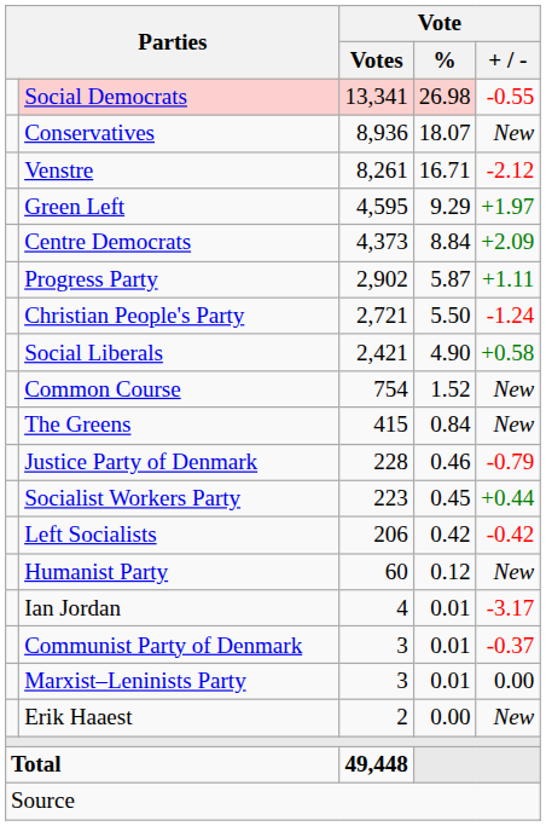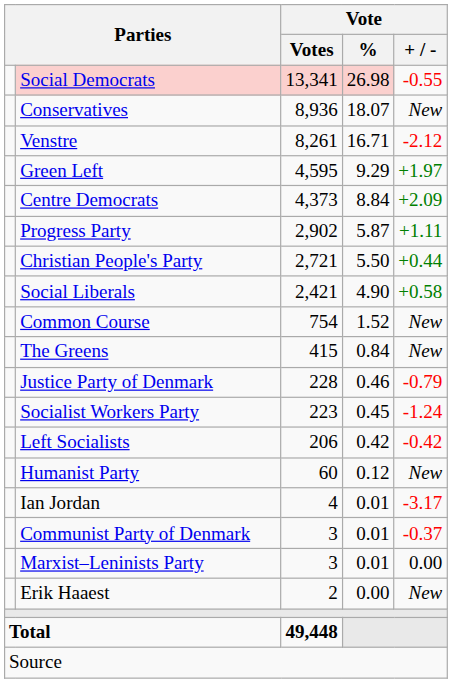 <table class="wikitable" style="text-align:right;">
 <tr>
 <th style="text-align:centre;" rowspan="2" colspan="2" width="225">Parties</th>
 <th colspan="3">Vote</th>
 </tr>
 <tr>
 <th width="15">Votes</th>
 <th width="15">%</th>
 <th width="15">+ / -</th>
 </tr>
 <tr>
 <td width="2" style="color:inherit;background:"></td>
 <td bgcolor=#fbd0ce  align="left"><a href='#'>Social Democrats</a></td>
 <td bgcolor=#fbd0ce>13,341</td>
 <td bgcolor=#fbd0ce>26.98</td>
 <td style=color:red;>-0.55</td>
 </tr>
 <tr>
 <td width="2" style="color:inherit;background:"></td>
 <td align="left"><a href='#'>Conservatives</a></td>
 <td>8,936</td>
 <td>18.07</td>
 <td><em>New</em></td>
 </tr>
 <tr>
 <td width="2" style="color:inherit;background:"></td>
 <td align="left"><a href='#'>Venstre</a></td>
 <td>8,261</td>
 <td>16.71</td>
 <td style=color:red;>-2.12</td>
 </tr>
 <tr>
 <td width="2" style="color:inherit;background:"></td>
 <td align="left"><a href='#'>Green Left</a></td>
 <td>4,595</td>
 <td>9.29</td>
 <td style=color:green;>+1.97</td>
 </tr>
 <tr>
 <td width="2" style="color:inherit;background:"></td>
 <td align="left"><a href='#'>Centre Democrats</a></td>
 <td>4,373</td>
 <td>8.84</td>
 <td style=color:green;>+2.09</td>
 </tr>
 <tr>
 <td width="2" style="color:inherit;background:"></td>
 <td align="left"><a href='#'>Progress Party</a></td>
 <td>2,902</td>
 <td>5.87</td>
 <td style=color:green;>+1.11</td>
 </tr>
 <tr>
 <td width="2" style="color:inherit;background:"></td>
 <td align="left"><a href='#'>Christian People's Party</a></td>
 <td>2,721</td>
 <td>5.50</td>
-<td style=color:red;>-1.24</td>
+<td style=color:green;>+0.44</td>
 </tr>
 <tr>
 <td width="2" style="color:inherit;background:"></td>
 <td align="left"><a href='#'>Social Liberals</a></td>
 <td>2,421</td>
 <td>4.90</td>
 <td style=color:green;>+0.58</td>
 </tr>
 <tr>
 <td width="2" style="color:inherit;background:"></td>
 <td align="left"><a href='#'>Common Course</a></td>
 <td>754</td>
 <td>1.52</td>
 <td><em>New</em></td>
 </tr>
 <tr>
 <td width="2" style="color:inherit;background:"></td>
 <td align="left"><a href='#'>The Greens</a></td>
 <td>415</td>
 <td>0.84</td>
 <td><em>New</em></td>
 </tr>
 <tr>
 <td width="2" style="color:inherit;background:"></td>
 <td align="left"><a href='#'>Justice Party of Denmark</a></td>
 <td>228</td>
 <td>0.46</td>
 <td style=color:red;>-0.79</td>
 </tr>
 <tr>
 <td width="2" style="color:inherit;background:"></td>
 <td align="left"><a href='#'>Socialist Workers Party</a></td>
 <td>223</td>
 <td>0.45</td>
-<td style=color:green;>+0.44</td>
+<td style=color:red;>-1.24</td>
 </tr>
 <tr>
 <td width="2" style="color:inherit;background:"></td>
 <td align="left"><a href='#'>Left Socialists</a></td>
 <td>206</td>
 <td>0.42</td>
 <td style=color:red;>-0.42</td>
 </tr>
 <tr>
 <td width="2" style="color:inherit;background:"></td>
 <td align="left"><a href='#'>Humanist Party</a></td>
 <td>60</td>
 <td>0.12</td>
 <td><em>New</em></td>
 </tr>
 <tr>
 <td width="2" style="color:inherit;background:"></td>
 <td align="left">Ian Jordan</td>
 <td>4</td>
 <td>0.01</td>
 <td style=color:red;>-3.17</td>
 </tr>
 <tr>
 <td width="2" style="color:inherit;background:"></td>
 <td align="left"><a href='#'>Communist Party of Denmark</a></td>
 <td>3</td>
 <td>0.01</td>
 <td style=color:red;>-0.37</td>
 </tr>
 <tr>
 <td width="2" style="color:inherit;background:"></td>
 <td align="left"><a href='#'>Marxist–Leninists Party</a></td>
 <td>3</td>
 <td>0.01</td>
 <td>0.00</td>
 </tr>
 <tr>
 <td width="2" style="color:inherit;background:"></td>
 <td align="left">Erik Haaest</td>
 <td>2</td>
 <td>0.00</td>
 <td><em>New</em></td>
 </tr>
 <tr>
 <td colspan="7" bgcolor="#E9E9E9"></td>
 </tr>
 <tr>
 <td align="left" colspan="2"><strong>Total</strong></td>
 <td><strong>49,448</strong></td>
 <td bgcolor="#E9E9E9" colspan="2"></td>
 </tr>
 <tr>
 <td align="left" colspan="6">Source</td>
 </tr>
 </table>
